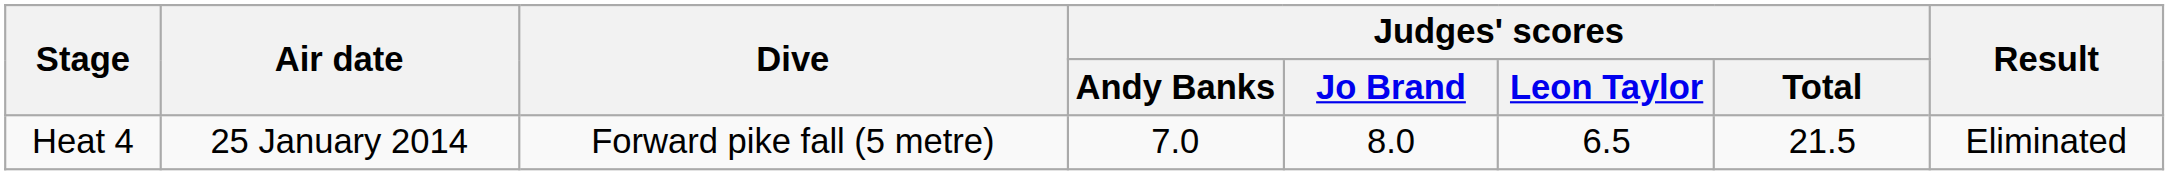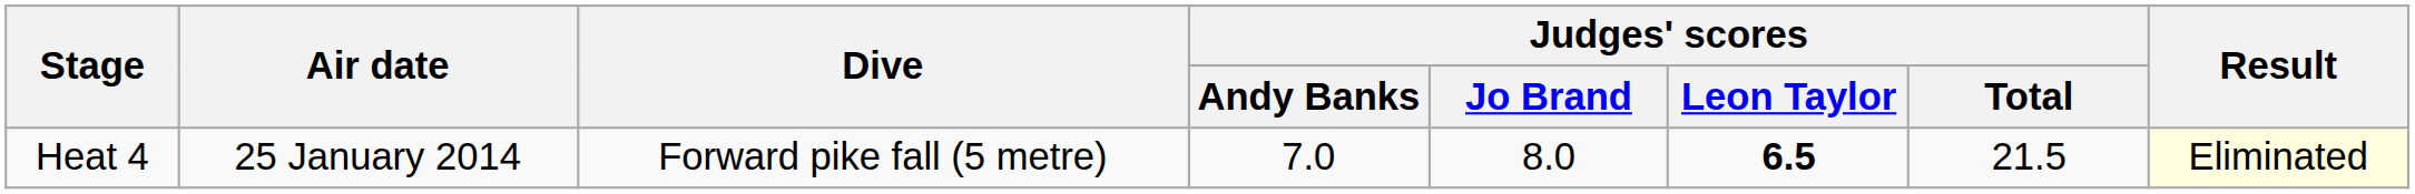 <table class="wikitable" style="margin:auto; text-align: center;">
 <tr>
 <th rowspan="2">Stage</th>
 <th rowspan="2">Air date</th>
 <th rowspan="2">Dive</th>
 <th colspan="4">Judges' scores</th>
 <th rowspan="2">Result</th>
 </tr>
 <tr>
 <th style="width:10%;">Andy Banks</th>
 <th style="width:10%;"><a href='#'>Jo Brand</a></th>
 <th style="width:10%;"><a href='#'>Leon Taylor</a></th>
 <th style="width:10%;">Total</th>
 </tr>
 <tr>
 <td>Heat 4</td>
 <td>25 January 2014</td>
 <td>Forward pike fall (5 metre)</td>
 <td>7.0</td>
 <td>8.0</td>
-<td>6.5</td>
+<td><strong>6.5</strong></td>
 <td>21.5</td>
-<td>Eliminated</td>
+<td style="background: lightyellow;">Eliminated</td>
 </tr>
 </table>
